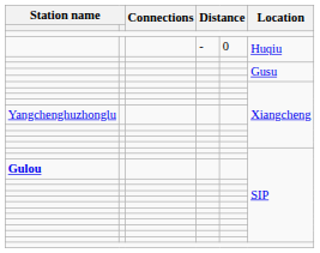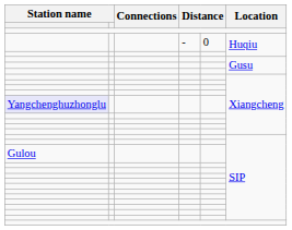 <table class="wikitable">
 <tr>
 <th colspan="2">Station name</th>
 <th rowspan="2">Connections</th>
 <th colspan="2" rowspan="2">Distance<br></th>
 <th rowspan="2">Location</th>
 </tr>
 <tr>
 <th></th>
 <th></th>
 </tr>
 <tr style="background:#">
 <td colspan = "7"></td>
 </tr>
 <tr>
 <td></td>
 <td></td>
 <td></td>
 <td>-</td>
 <td>0</td>
 <td rowspan="2"><a href='#'>Huqiu</a></td>
 </tr>
 <tr>
 <td></td>
 <td></td>
 <td></td>
 <td></td>
 <td></td>
 </tr>
 <tr>
 <td></td>
 <td></td>
 <td></td>
 <td></td>
 <td></td>
 <td rowspan="3"><a href='#'>Gusu</a></td>
 </tr>
 <tr>
 <td></td>
 <td></td>
 <td></td>
 <td></td>
 <td></td>
 </tr>
 <tr>
 <td></td>
 <td></td>
 <td></td>
 <td></td>
 <td></td>
 </tr>
 <tr>
 <td></td>
 <td></td>
 <td></td>
 <td></td>
 <td></td>
 <td rowspan="9"><a href='#'>Xiangcheng</a></td>
 </tr>
 <tr>
 <td></td>
 <td></td>
 <td></td>
 <td></td>
 <td></td>
 </tr>
 <tr>
 <td></td>
 <td></td>
 <td></td>
 <td></td>
 <td></td>
 </tr>
 <tr>
 <td></td>
 <td></td>
 <td></td>
 <td></td>
 <td></td>
 </tr>
 <tr>
-<td><a href='#'>Yangchenghuzhonglu</a></td>
+<td style="background: lavender;"><a href='#'>Yangchenghuzhonglu</a></td>
 <td></td>
 <td></td>
 <td></td>
 <td></td>
 </tr>
 <tr>
 <td></td>
 <td></td>
 <td></td>
 <td></td>
 <td></td>
 </tr>
 <tr>
 <td></td>
 <td></td>
 <td></td>
 <td></td>
 <td></td>
 </tr>
 <tr>
 <td></td>
 <td></td>
 <td></td>
 <td></td>
 <td></td>
 </tr>
 <tr>
 <td></td>
 <td></td>
 <td></td>
 <td></td>
 <td></td>
 </tr>
 <tr>
 <td></td>
 <td></td>
 <td></td>
 <td></td>
 <td></td>
 <td rowspan="14"><a href='#'>SIP</a></td>
 </tr>
 <tr>
 <td></td>
 <td></td>
 <td></td>
 <td></td>
 <td></td>
 </tr>
 <tr>
-<td><strong><a href='#'>Gulou</a></strong></td>
+<td><a href='#'>Gulou</a></td>
 <td></td>
 <td></td>
 <td></td>
 <td></td>
 </tr>
 <tr>
 <td></td>
 <td></td>
 <td></td>
 <td></td>
 <td></td>
 </tr>
 <tr>
 <td></td>
 <td></td>
 <td></td>
 <td></td>
 <td></td>
 </tr>
 <tr>
 <td></td>
 <td></td>
 <td></td>
 <td></td>
 <td></td>
 </tr>
 <tr>
 <td></td>
 <td></td>
 <td></td>
 <td></td>
 <td></td>
 </tr>
 <tr>
 <td></td>
 <td></td>
 <td></td>
 <td></td>
 <td></td>
 </tr>
 <tr>
 <td></td>
 <td></td>
 <td></td>
 <td></td>
 <td></td>
 </tr>
 <tr>
 <td></td>
 <td></td>
 <td></td>
 <td></td>
 <td></td>
 </tr>
 <tr>
 <td></td>
 <td></td>
 <td></td>
 <td></td>
 <td></td>
 </tr>
 <tr>
 <td></td>
 <td></td>
 <td></td>
 <td></td>
 <td></td>
 </tr>
 <tr>
 <td></td>
 <td></td>
 <td></td>
 <td></td>
 <td></td>
 </tr>
 <tr>
 <td></td>
 <td></td>
 <td></td>
 <td></td>
 <td></td>
 </tr>
 <tr style="background:#">
 <td colspan ="7"></td>
 </tr>
 </table>
